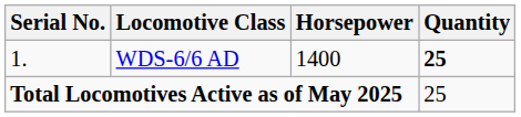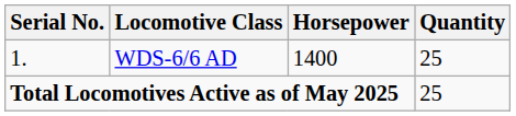 <table class="wikitable">
 <tr>
 <th>Serial No.</th>
 <th>Locomotive Class</th>
 <th>Horsepower</th>
 <th>Quantity</th>
 </tr>
 <tr>
 <td>1.</td>
 <td><a href='#'>WDS-6/6 AD</a></td>
 <td>1400</td>
-<td><strong>25</strong></td>
+<td>25</td>
 </tr>
 <tr>
 <td colspan="3"><strong>Total Locomotives Active as of May 2025</strong></td>
 <td>25</td>
 </tr>
 </table>
